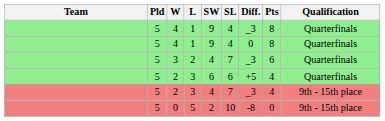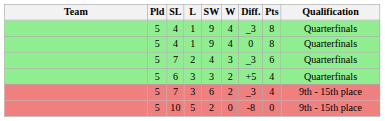 <table class=wikitable style="text-align:center">
 <tr>
 <th width=220>Team</th>
 <th width=20>Pld</th>
-<th width=20>W</th>
+<th width=20>SL</th>
 <th width=20>L</th>
 <th width=20>SW</th>
-<th width=20>SL</th>
+<th width=20>W</th>
 <th width=20>Diff.</th>
 <th width=20>Pts</th>
 <th width=150>Qualification</th>
 </tr>
 <tr bgcolor=90EE90>
 <td align=left></td>
 <td>5</td>
 <td>4</td>
 <td>1</td>
 <td>9</td>
 <td>4</td>
 <td>_3</td>
 <td>8</td>
 <td>Quarterfinals</td>
 </tr>
 <tr bgcolor=90EE90>
 <td align=left></td>
 <td>5</td>
 <td>4</td>
 <td>1</td>
 <td>9</td>
 <td>4</td>
 <td>0</td>
 <td>8</td>
 <td>Quarterfinals</td>
 </tr>
 <tr bgcolor=90EE90>
 <td align=left></td>
 <td>5</td>
-<td>3</td>
+<td>7</td>
 <td>2</td>
 <td>4</td>
-<td>7</td>
+<td>3</td>
 <td>_3</td>
 <td>6</td>
 <td>Quarterfinals</td>
 </tr>
 <tr bgcolor=90EE90>
 <td align=left></td>
 <td>5</td>
+<td>6</td>
+<td>3</td>
+<td>3</td>
 <td>2</td>
-<td>3</td>
-<td>6</td>
-<td>6</td>
 <td>+5</td>
 <td>4</td>
 <td>Quarterfinals</td>
 </tr>
 <tr bgcolor=F08080>
 <td align=left></td>
 <td>5</td>
+<td>7</td>
+<td>3</td>
+<td>6</td>
 <td>2</td>
-<td>3</td>
-<td>4</td>
-<td>7</td>
 <td>_3</td>
 <td>4</td>
 <td>9th - 15th place</td>
 </tr>
 <tr bgcolor=F08080>
 <td align=left></td>
 <td>5</td>
-<td>0</td>
+<td>10</td>
 <td>5</td>
 <td>2</td>
-<td>10</td>
+<td>0</td>
 <td>-8</td>
 <td>0</td>
 <td>9th - 15th place</td>
 </tr>
 </table>
